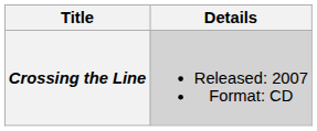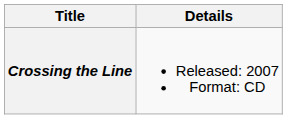 <table class="wikitable plainrowheaders" style="text-align:center;" border="1">
 <tr>
 <th>Title</th>
 <th>Details</th>
 </tr>
 <tr>
 <th scope="row"><em>Crossing the Line</em></th>
-<td style="background: lightgrey;"><br><ul><li>Released: 2007</li><li>Format: CD</li></ul></td>
+<td><br><ul><li>Released: 2007</li><li>Format: CD</li></ul></td>
 </tr>
 </table>
